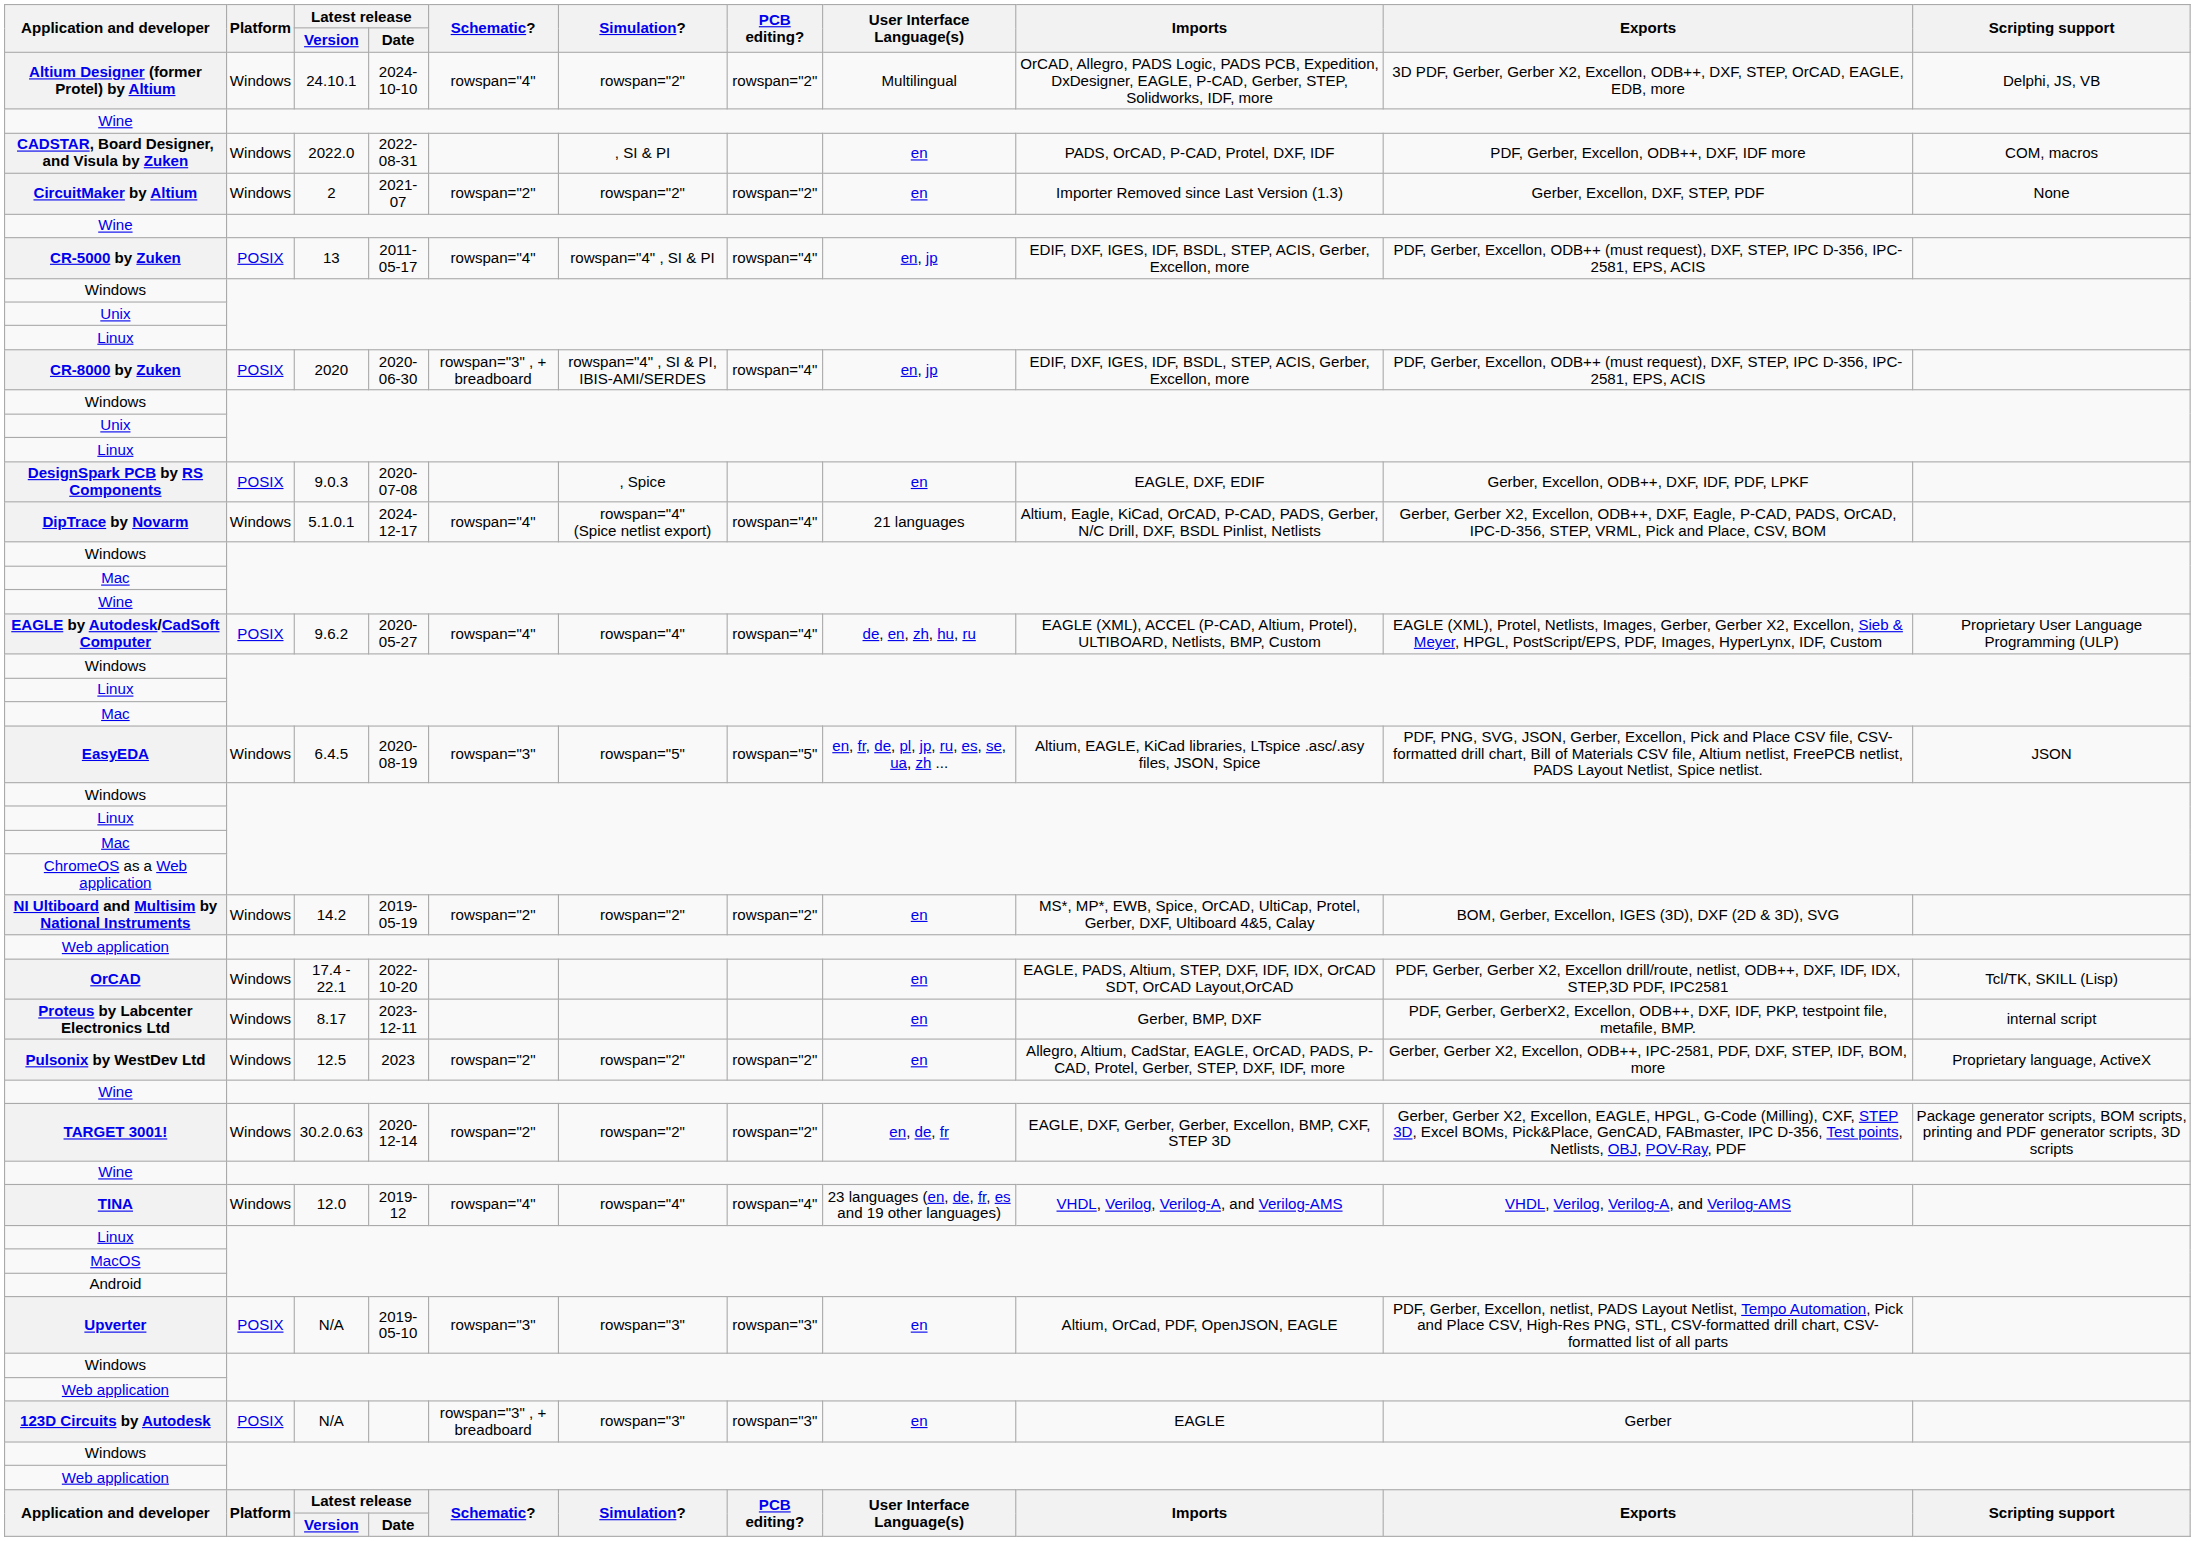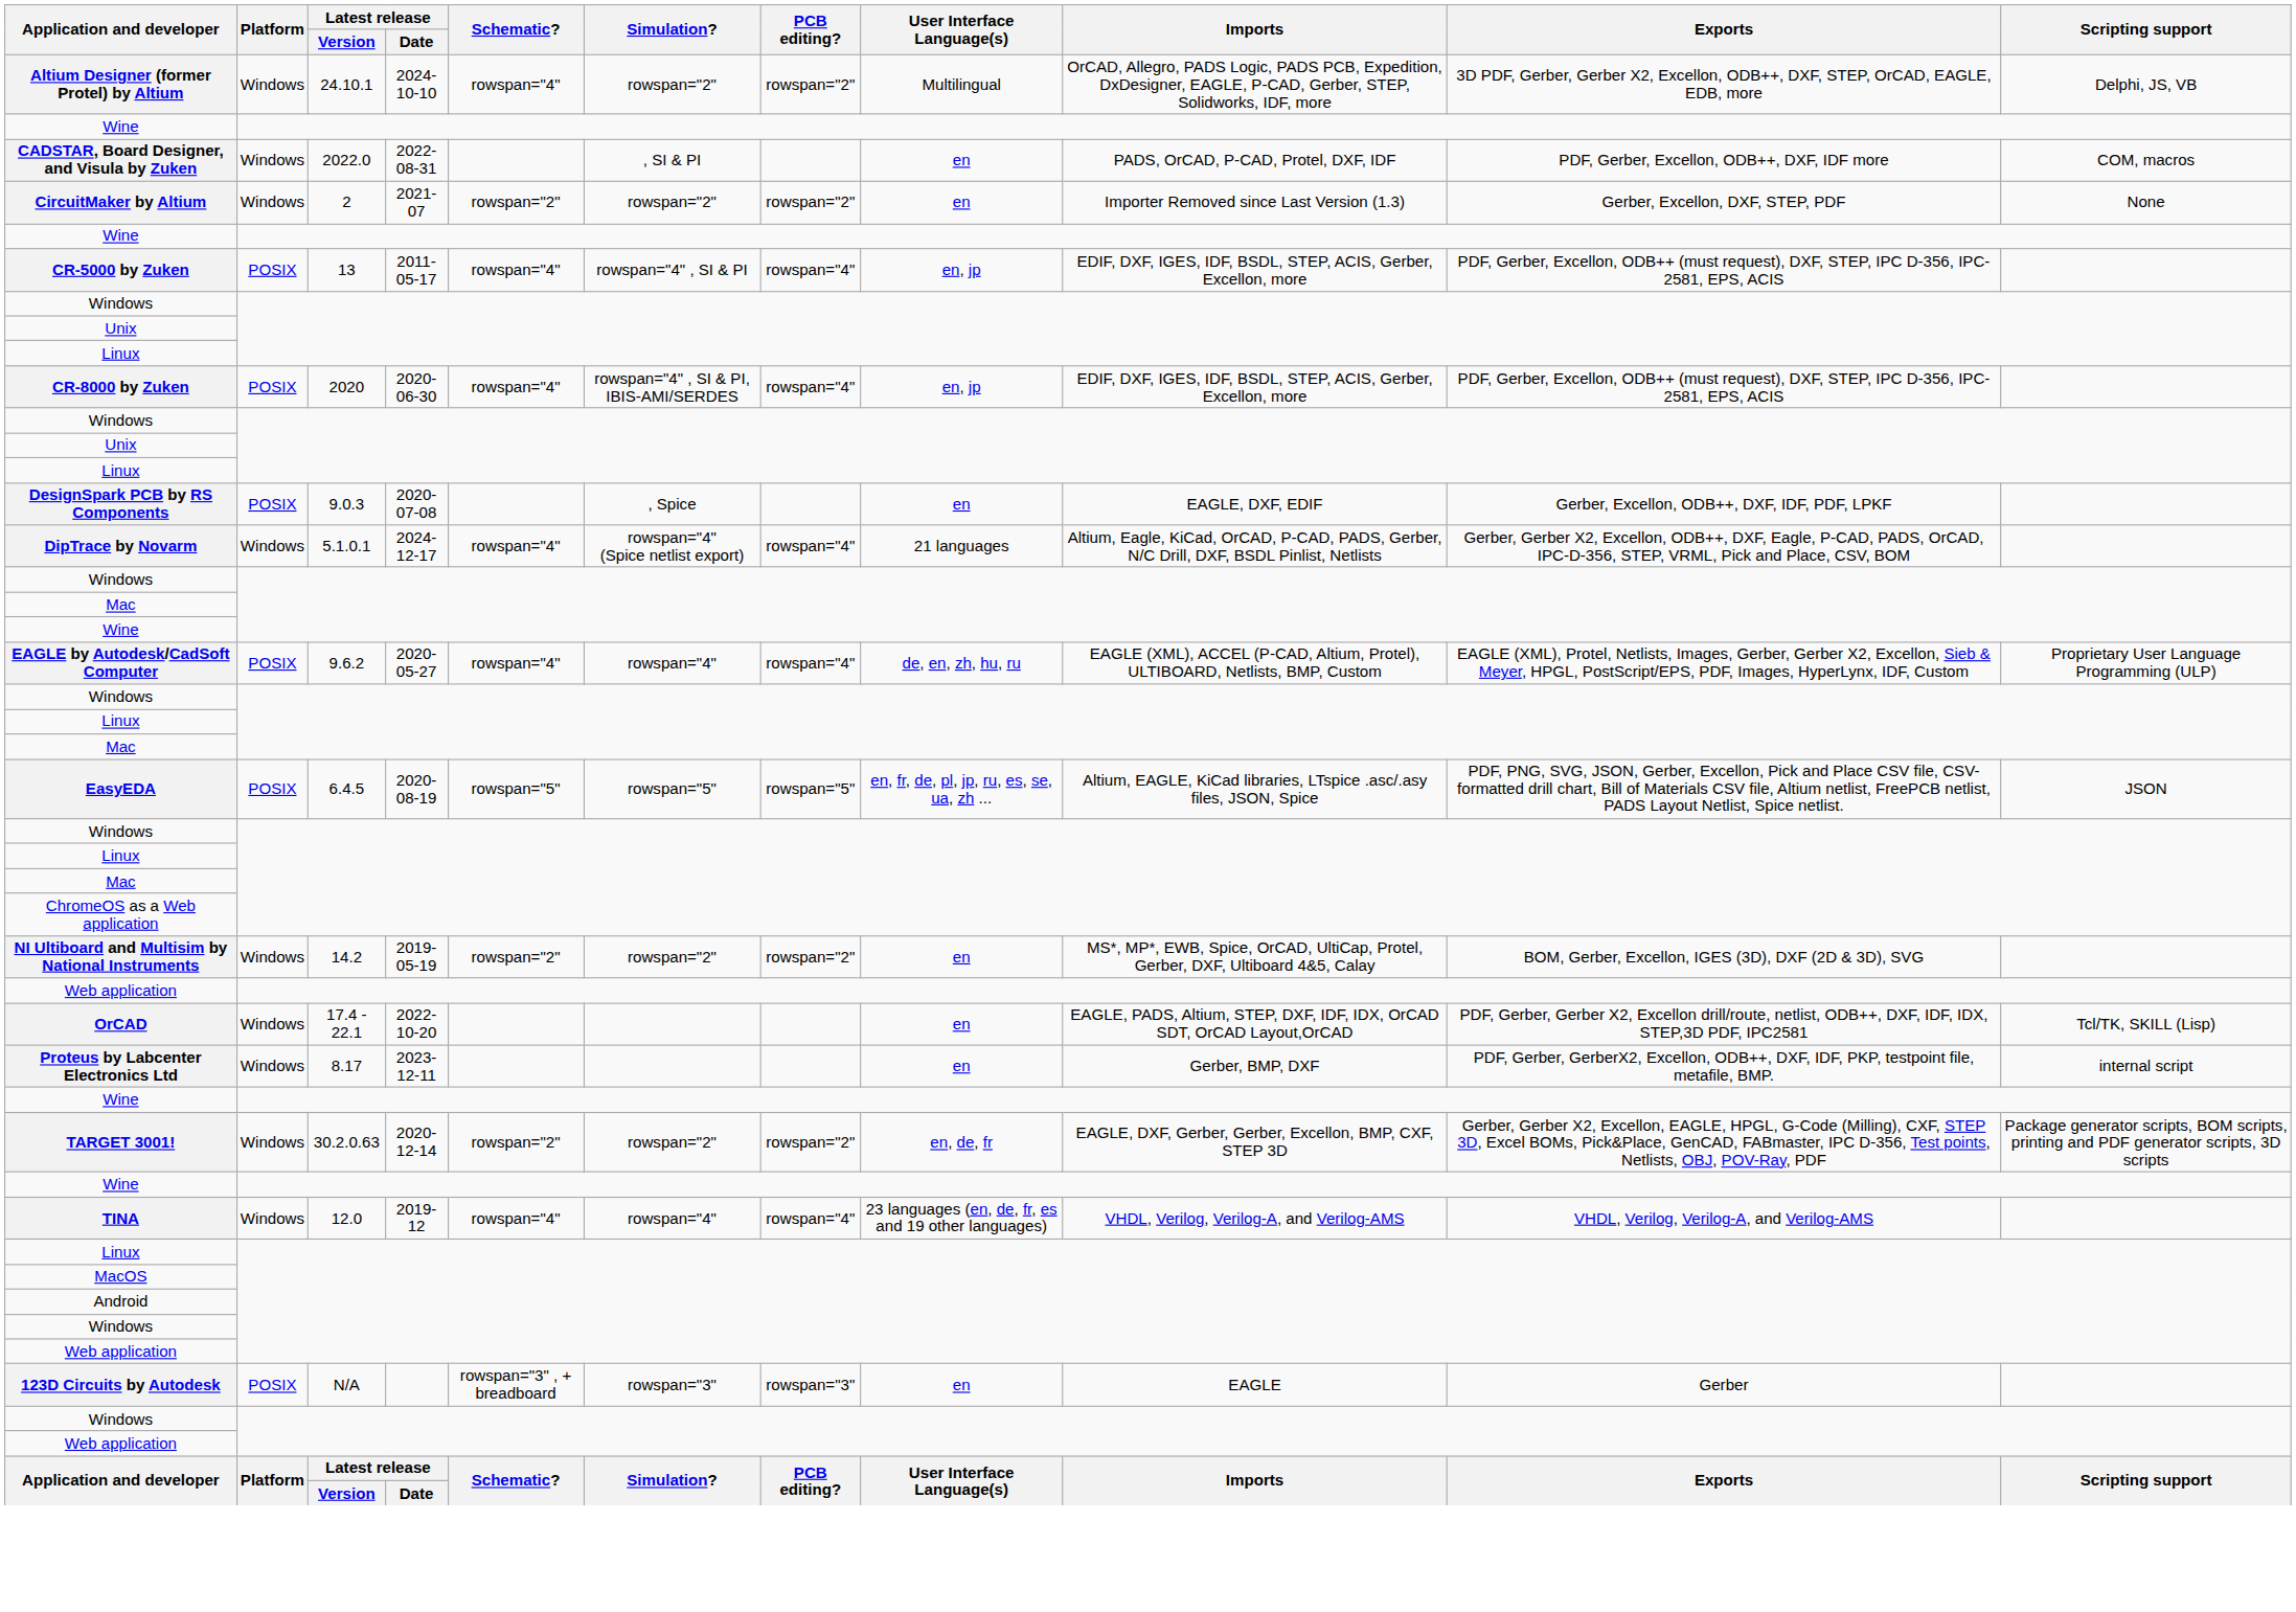 <table class="wikitable sortable" style="text-align: center; font-size: 85%; width: auto; table-layout: fixed;">
 <tr>
 <th rowspan="2">Application and developer</th>
 <th rowspan="2">Platform</th>
 <th colspan="2">Latest release</th>
 <th rowspan="2"><a href='#'>Schematic</a>?</th>
 <th rowspan="2"><a href='#'>Simulation</a>?</th>
 <th rowspan="2"><a href='#'>PCB</a> editing?</th>
 <th rowspan="2">User Interface Language(s)</th>
 <th rowspan="2">Imports</th>
 <th rowspan="2">Exports</th>
 <th rowspan="2">Scripting support</th>
 </tr>
 <tr>
 <th><a href='#'>Version</a></th>
 <th>Date</th>
 </tr>
 <tr>
 <th><a href='#'>Altium Designer</a> (former Protel) by <a href='#'>Altium</a></th>
 <td> Windows</td>
 <td>24.10.1</td>
 <td>2024-10-10</td>
 <td> rowspan="4" </td>
 <td> rowspan="2" </td>
 <td> rowspan="2" </td>
 <td>Multilingual</td>
 <td>OrCAD, Allegro, PADS Logic, PADS PCB, Expedition, DxDesigner, EAGLE, P-CAD, Gerber, STEP, Solidworks, IDF, more</td>
 <td>3D PDF, Gerber, Gerber X2, Excellon, ODB++, DXF, STEP, OrCAD, EAGLE, EDB, more</td>
 <td>Delphi, JS, VB</td>
 </tr>
 <tr>
 <td> <a href='#'>Wine</a></td>
 </tr>
 <tr>
 <th><a href='#'>CADSTAR</a>, Board Designer, and Visula by <a href='#'>Zuken</a></th>
 <td> Windows</td>
 <td>2022.0</td>
 <td>2022-08-31</td>
 <td></td>
 <td>, SI & PI</td>
 <td></td>
 <td><a href='#'>en</a></td>
 <td>PADS, OrCAD, P-CAD, Protel, DXF, IDF</td>
 <td>PDF, Gerber, Excellon, ODB++, DXF, IDF more</td>
 <td>COM, macros</td>
 </tr>
 <tr>
 <th><a href='#'>CircuitMaker</a> by <a href='#'>Altium</a></th>
 <td> Windows</td>
 <td>2</td>
 <td>2021-07</td>
 <td> rowspan="2" </td>
 <td> rowspan="2" </td>
 <td> rowspan="2" </td>
 <td><a href='#'>en</a></td>
 <td>Importer Removed since Last Version (1.3)</td>
 <td>Gerber, Excellon, DXF, STEP, PDF</td>
 <td>None</td>
 </tr>
 <tr>
 <td> <a href='#'>Wine</a></td>
 </tr>
 <tr>
 <th><a href='#'>CR-5000</a> by <a href='#'>Zuken</a></th>
 <td> <a href='#'>POSIX</a></td>
 <td>13</td>
 <td>2011-05-17</td>
 <td> rowspan="4" </td>
 <td> rowspan="4" , SI & PI</td>
 <td> rowspan="4" </td>
 <td><a href='#'>en</a>, <a href='#'>jp</a></td>
 <td>EDIF, DXF, IGES, IDF, BSDL, STEP, ACIS, Gerber, Excellon, more</td>
 <td>PDF, Gerber, Excellon, ODB++ (must request), DXF, STEP, IPC D-356, IPC-2581, EPS, ACIS</td>
 <td></td>
 </tr>
 <tr>
 <td> Windows</td>
 </tr>
 <tr>
 <td> <a href='#'>Unix</a></td>
 </tr>
 <tr>
 <td> <a href='#'>Linux</a></td>
 </tr>
 <tr>
 <th><a href='#'>CR-8000</a> by <a href='#'>Zuken</a></th>
 <td> <a href='#'>POSIX</a></td>
 <td>2020</td>
 <td>2020-06-30</td>
-<td> rowspan="3" , + breadboard</td>
+<td> rowspan="4" </td>
 <td> rowspan="4" , SI & PI, IBIS-AMI/SERDES</td>
 <td> rowspan="4" </td>
 <td><a href='#'>en</a>, <a href='#'>jp</a></td>
 <td>EDIF, DXF, IGES, IDF, BSDL, STEP, ACIS, Gerber, Excellon, more</td>
 <td>PDF, Gerber, Excellon, ODB++ (must request), DXF, STEP, IPC D-356, IPC-2581, EPS, ACIS</td>
 <td></td>
 </tr>
 <tr>
 <td> Windows</td>
 </tr>
 <tr>
 <td> <a href='#'>Unix</a></td>
 </tr>
 <tr>
 <td> <a href='#'>Linux</a></td>
 </tr>
 <tr>
 <th><a href='#'>DesignSpark PCB</a> by <a href='#'>RS Components</a></th>
 <td> <a href='#'>POSIX</a></td>
 <td>9.0.3</td>
 <td>2020-07-08</td>
 <td></td>
 <td>, Spice</td>
 <td></td>
 <td><a href='#'>en</a></td>
 <td>EAGLE, DXF, EDIF</td>
 <td>Gerber, Excellon, ODB++, DXF, IDF, PDF, LPKF</td>
 <td></td>
 </tr>
 <tr>
 <th><a href='#'>DipTrace</a> by <a href='#'>Novarm</a></th>
 <td> Windows</td>
 <td>5.1.0.1</td>
 <td>2024-12-17</td>
 <td> rowspan="4" </td>
 <td> rowspan="4" <br>(Spice netlist export)</td>
 <td> rowspan="4" </td>
 <td>21 languages</td>
 <td>Altium, Eagle, KiCad, OrCAD, P-CAD, PADS, Gerber, N/C Drill, DXF, BSDL Pinlist, Netlists</td>
 <td>Gerber, Gerber X2, Excellon, ODB++, DXF, Eagle, P-CAD, PADS, OrCAD, IPC-D-356, STEP, VRML, Pick and Place, CSV, BOM</td>
 <td></td>
 </tr>
 <tr>
 <td> Windows</td>
 </tr>
 <tr>
 <td> <a href='#'>Mac</a></td>
 </tr>
 <tr>
 <td> <a href='#'>Wine</a></td>
 </tr>
 <tr>
 <th><a href='#'>EAGLE</a> by <a href='#'>Autodesk</a>/<a href='#'>CadSoft Computer</a></th>
 <td> <a href='#'>POSIX</a></td>
 <td>9.6.2</td>
 <td>2020-05-27</td>
 <td> rowspan="4" </td>
 <td> rowspan="4" </td>
 <td> rowspan="4" </td>
 <td><a href='#'>de</a>, <a href='#'>en</a>, <a href='#'>zh</a>, <a href='#'>hu</a>, <a href='#'>ru</a></td>
 <td>EAGLE (XML), ACCEL (P-CAD, Altium, Protel), ULTIBOARD, Netlists, BMP, Custom</td>
 <td>EAGLE (XML), Protel, Netlists, Images, Gerber, Gerber X2, Excellon, <a href='#'>Sieb & Meyer</a>, HPGL, PostScript/EPS, PDF, Images, HyperLynx, IDF, Custom</td>
 <td>Proprietary User Language Programming (ULP)</td>
 </tr>
 <tr>
 <td> Windows</td>
 </tr>
 <tr>
 <td> <a href='#'>Linux</a></td>
 </tr>
 <tr>
 <td> <a href='#'>Mac</a></td>
 </tr>
 <tr>
 <th><a href='#'>EasyEDA</a></th>
-<td> Windows</td>
+<td> <a href='#'>POSIX</a></td>
 <td>6.4.5</td>
 <td>2020-08-19</td>
-<td> rowspan="3" </td>
+<td> rowspan="5" </td>
 <td> rowspan="5" </td>
 <td> rowspan="5" </td>
 <td><a href='#'>en</a>, <a href='#'>fr</a>, <a href='#'>de</a>, <a href='#'>pl</a>, <a href='#'>jp</a>, <a href='#'>ru</a>, <a href='#'>es</a>, <a href='#'>se</a>, <a href='#'>ua</a>, <a href='#'>zh</a> ...</td>
 <td>Altium, EAGLE, KiCad libraries, LTspice .asc/.asy files, JSON, Spice</td>
 <td>PDF, PNG, SVG, JSON, Gerber, Excellon, Pick and Place CSV file, CSV-formatted drill chart, Bill of Materials CSV file, Altium netlist, FreePCB netlist, PADS Layout Netlist, Spice netlist.</td>
 <td>JSON</td>
 </tr>
 <tr>
 <td> Windows</td>
 </tr>
 <tr>
 <td> <a href='#'>Linux</a></td>
 </tr>
 <tr>
 <td> <a href='#'>Mac</a></td>
 </tr>
 <tr>
 <td><a href='#'>ChromeOS</a> as a <a href='#'>Web application</a></td>
 </tr>
 <tr>
 <th><a href='#'>NI Ultiboard</a> and <a href='#'>Multisim</a> by <a href='#'>National Instruments</a></th>
 <td> Windows</td>
 <td>14.2  </td>
 <td>2019-05-19</td>
 <td> rowspan="2" </td>
 <td> rowspan="2" </td>
 <td> rowspan="2" </td>
 <td><a href='#'>en</a></td>
 <td>MS*, MP*, EWB, Spice, OrCAD, UltiCap, Protel, Gerber, DXF, Ultiboard 4&5, Calay</td>
 <td>BOM, Gerber, Excellon, IGES (3D), DXF (2D & 3D), SVG</td>
 <td></td>
 </tr>
 <tr>
 <td> <a href='#'>Web application</a></td>
 </tr>
 <tr>
 <th><a href='#'>OrCAD</a></th>
 <td> Windows</td>
 <td>17.4 - 22.1</td>
 <td>2022-10-20</td>
 <td></td>
 <td></td>
 <td></td>
 <td><a href='#'>en</a></td>
 <td>EAGLE, PADS, Altium, STEP, DXF, IDF, IDX, OrCAD SDT, OrCAD Layout,OrCAD</td>
 <td>PDF, Gerber, Gerber X2, Excellon drill/route, netlist, ODB++, DXF, IDF, IDX, STEP,3D PDF, IPC2581</td>
 <td>Tcl/TK, SKILL (Lisp)</td>
 </tr>
 <tr>
 <th> <a href='#'>Proteus</a> by Labcenter Electronics Ltd</th>
 <td> Windows</td>
 <td>8.17</td>
 <td>2023-12-11</td>
 <td></td>
 <td></td>
 <td></td>
 <td><a href='#'>en</a></td>
 <td> Gerber, BMP, DXF</td>
 <td>PDF, Gerber, GerberX2, Excellon, ODB++, DXF, IDF, PKP, testpoint file, metafile, BMP.</td>
 <td>internal script</td>
 </tr>
 <tr>
-<th><a href='#'>Pulsonix</a> by WestDev Ltd</th>
-<td> Windows</td>
-<td>12.5</td>
-<td>2023</td>
-<td> rowspan="2" </td>
-<td> rowspan="2" </td>
-<td> rowspan="2" </td>
-<td><a href='#'>en</a></td>
-<td>Allegro, Altium, CadStar, EAGLE, OrCAD, PADS, P-CAD, Protel, Gerber, STEP, DXF, IDF, more</td>
-<td>Gerber, Gerber X2, Excellon, ODB++, IPC-2581, PDF, DXF, STEP, IDF, BOM, more</td>
-<td>Proprietary language, ActiveX</td>
-</tr>
-<tr>
 <td> <a href='#'>Wine</a></td>
 </tr>
 <tr>
 <th><a href='#'>TARGET 3001!</a></th>
 <td> Windows</td>
 <td>30.2.0.63</td>
 <td>2020-12-14</td>
 <td> rowspan="2" </td>
 <td> rowspan="2" </td>
 <td> rowspan="2" </td>
 <td><a href='#'>en</a>, <a href='#'>de</a>, <a href='#'>fr</a></td>
 <td>EAGLE, DXF, Gerber, Gerber, Excellon, BMP, CXF, STEP 3D</td>
 <td>Gerber, Gerber X2, Excellon, EAGLE, HPGL, G-Code (Milling), CXF, <a href='#'>STEP 3D</a>, Excel BOMs, Pick&Place, GenCAD, FABmaster, IPC D-356, <a href='#'>Test points</a>, Netlists, <a href='#'>OBJ</a>, <a href='#'>POV-Ray</a>, PDF</td>
 <td>Package generator scripts, BOM scripts, printing and PDF generator scripts, 3D scripts</td>
 </tr>
 <tr>
 <td> <a href='#'>Wine</a></td>
 </tr>
 <tr>
 <th><a href='#'>TINA</a></th>
 <td> Windows</td>
 <td>12.0</td>
 <td>2019-12</td>
 <td> rowspan="4" </td>
 <td> rowspan="4" </td>
 <td> rowspan="4" </td>
 <td>23 languages (<a href='#'>en</a>, <a href='#'>de</a>, <a href='#'>fr</a>, <a href='#'>es</a> and 19 other languages)</td>
 <td><a href='#'>VHDL</a>, <a href='#'>Verilog</a>, <a href='#'>Verilog-A</a>, and <a href='#'>Verilog-AMS</a></td>
 <td><a href='#'>VHDL</a>, <a href='#'>Verilog</a>, <a href='#'>Verilog-A</a>, and <a href='#'>Verilog-AMS</a></td>
 <td></td>
 </tr>
 <tr>
 <td> <a href='#'>Linux</a></td>
 </tr>
 <tr>
 <td> <a href='#'>MacOS</a></td>
 </tr>
 <tr>
 <td> Android</td>
-</tr>
-<tr>
-<th><a href='#'>Upverter</a></th>
-<td> <a href='#'>POSIX</a></td>
-<td>N/A</td>
-<td>2019-05-10</td>
-<td> rowspan="3" </td>
-<td> rowspan="3" </td>
-<td> rowspan="3" </td>
-<td><a href='#'>en</a></td>
-<td>Altium, OrCad, PDF, OpenJSON, EAGLE</td>
-<td>PDF, Gerber, Excellon, netlist, PADS Layout Netlist, <a href='#'>Tempo Automation</a>, Pick and Place CSV, High-Res PNG, STL, CSV-formatted drill chart, CSV-formatted list of all parts</td>
-<td></td>
 </tr>
 <tr>
 <td> Windows</td>
 </tr>
 <tr>
 <td> <a href='#'>Web application</a></td>
 </tr>
 <tr>
 <th><a href='#'>123D Circuits</a> by <a href='#'>Autodesk</a></th>
 <td> <a href='#'>POSIX</a></td>
 <td>N/A</td>
 <td></td>
 <td> rowspan="3" , + breadboard</td>
 <td> rowspan="3" </td>
 <td> rowspan="3" </td>
 <td><a href='#'>en</a></td>
 <td>EAGLE</td>
 <td>Gerber</td>
 <td></td>
 </tr>
 <tr>
 <td> Windows</td>
 </tr>
 <tr>
 <td> <a href='#'>Web application</a></td>
 </tr>
 <tr>
 <th rowspan="2">Application and developer</th>
 <th rowspan="2">Platform</th>
 <th colspan="2">Latest release</th>
 <th rowspan="2"><a href='#'>Schematic</a>?</th>
 <th rowspan="2"><a href='#'>Simulation</a>?</th>
 <th rowspan="2"><a href='#'>PCB</a> editing?</th>
 <th rowspan="2">User Interface Language(s)</th>
 <th rowspan="2">Imports</th>
 <th rowspan="2">Exports</th>
 <th rowspan="2">Scripting support</th>
 </tr>
 <tr>
 <th><a href='#'>Version</a></th>
 <th>Date</th>
 </tr>
 </table>
